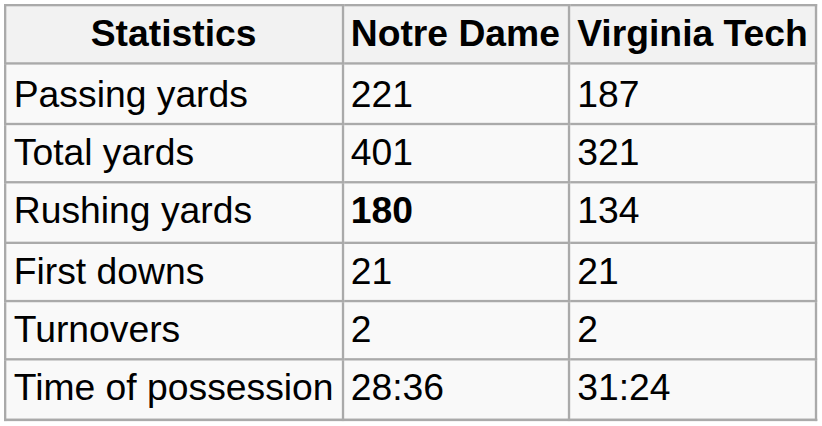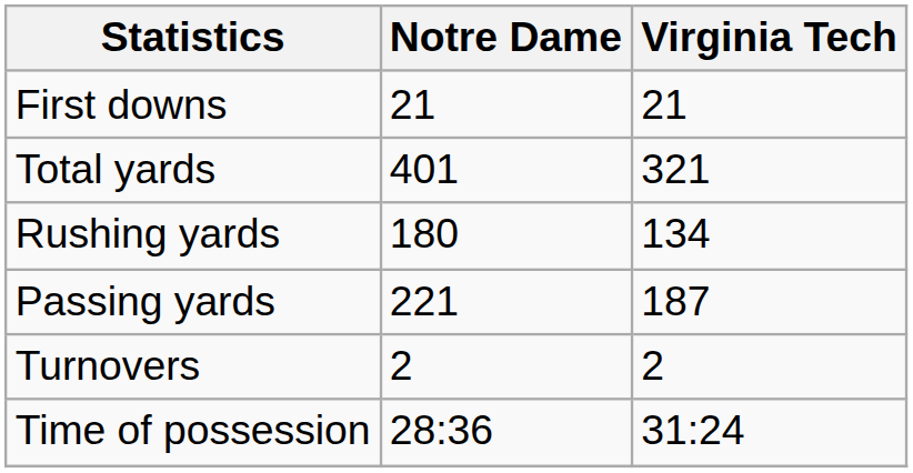 <table class="wikitable">
 <tr>
 <th>Statistics</th>
 <th>Notre Dame</th>
 <th>Virginia Tech</th>
 </tr>
 <tr>
-<td>Passing yards</td>
-<td>221</td>
-<td>187</td>
+<td>First downs</td>
+<td>21</td>
+<td>21</td>
 </tr>
 <tr>
 <td>Total yards</td>
 <td>401</td>
 <td>321</td>
 </tr>
 <tr>
 <td>Rushing yards</td>
-<td><strong>180</strong></td>
+<td>180</td>
 <td>134</td>
 </tr>
 <tr>
-<td>First downs</td>
-<td>21</td>
-<td>21</td>
+<td>Passing yards</td>
+<td>221</td>
+<td>187</td>
 </tr>
 <tr>
 <td>Turnovers</td>
 <td>2</td>
 <td>2</td>
 </tr>
 <tr>
 <td>Time of possession</td>
 <td>28:36</td>
 <td>31:24</td>
 </tr>
 <tr>
 </tr>
 </table>
